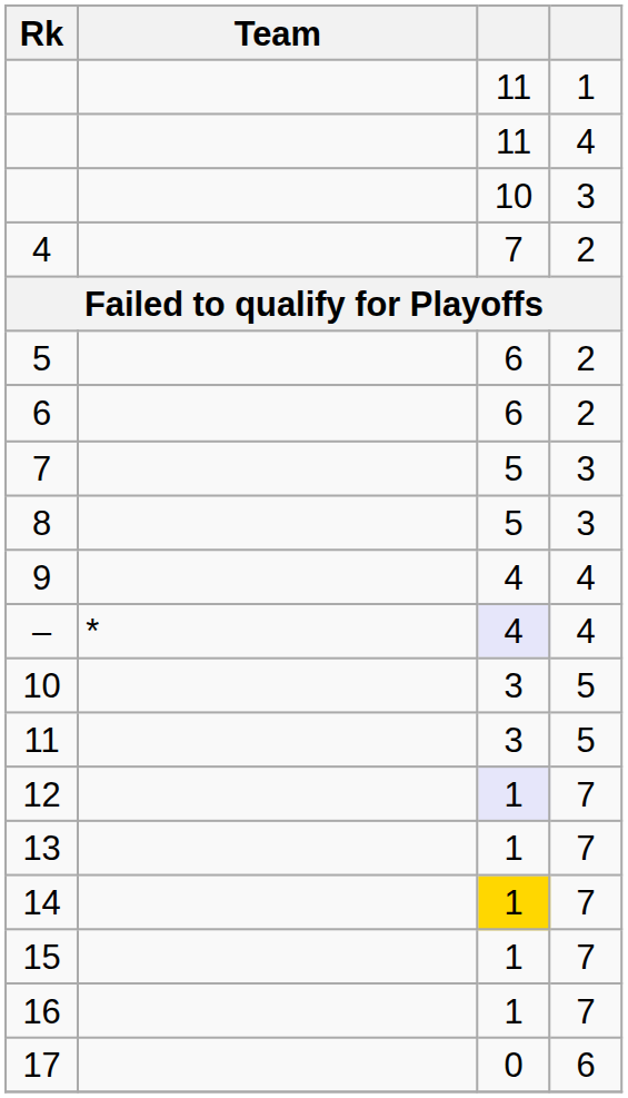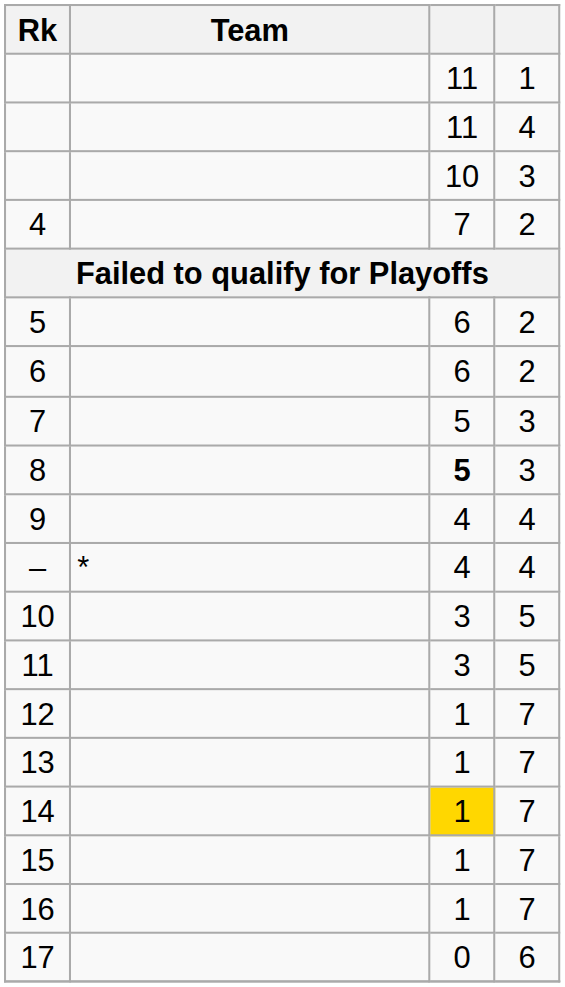 <table class=wikitable style="text-align:center; font-size:95%">
 <tr>
 <th width=25>Rk</th>
 <th width=170>Team</th>
 <th width=25></th>
 <th width=25></th>
 </tr>
 <tr>
 <td></td>
 <td align=left></td>
 <td>11</td>
 <td>1</td>
 </tr>
 <tr>
 <td></td>
 <td align=left></td>
 <td>11</td>
 <td>4</td>
 </tr>
 <tr>
 <td></td>
 <td align=left></td>
 <td>10</td>
 <td>3</td>
 </tr>
 <tr>
 <td>4</td>
 <td align=left></td>
 <td>7</td>
 <td>2</td>
 </tr>
 <tr>
 <th colspan="8">Failed to qualify for Playoffs</th>
 </tr>
 <tr>
 <td>5</td>
 <td align=left></td>
 <td>6</td>
 <td>2</td>
 </tr>
 <tr>
 <td>6</td>
 <td align=left></td>
 <td>6</td>
 <td>2</td>
 </tr>
 <tr>
 <td>7</td>
 <td align=left></td>
 <td>5</td>
 <td>3</td>
 </tr>
 <tr>
 <td>8</td>
 <td align=left></td>
-<td>5</td>
+<td><strong>5</strong></td>
 <td>3</td>
 </tr>
 <tr>
 <td>9</td>
 <td align=left></td>
 <td>4</td>
 <td>4</td>
 </tr>
 <tr>
 <td>–</td>
 <td align=left>*</td>
-<td style="background: lavender;">4</td>
+<td>4</td>
 <td>4</td>
 </tr>
 <tr>
 <td>10</td>
 <td align=left></td>
 <td>3</td>
 <td>5</td>
 </tr>
 <tr>
 <td>11</td>
 <td align=left></td>
 <td>3</td>
 <td>5</td>
 </tr>
 <tr>
 <td>12</td>
 <td align=left></td>
-<td style="background: lavender;">1</td>
+<td>1</td>
 <td>7</td>
 </tr>
 <tr>
 <td>13</td>
 <td align=left></td>
 <td>1</td>
 <td>7</td>
 </tr>
 <tr>
 <td>14</td>
 <td align=left></td>
 <td style="background: gold;">1</td>
 <td>7</td>
 </tr>
 <tr>
 <td>15</td>
 <td align=left></td>
 <td>1</td>
 <td>7</td>
 </tr>
 <tr>
 <td>16</td>
 <td align=left></td>
 <td>1</td>
 <td>7</td>
 </tr>
 <tr>
 <td>17</td>
 <td align=left></td>
 <td>0</td>
 <td>6</td>
 </tr>
 <tr>
 </tr>
 </table>
